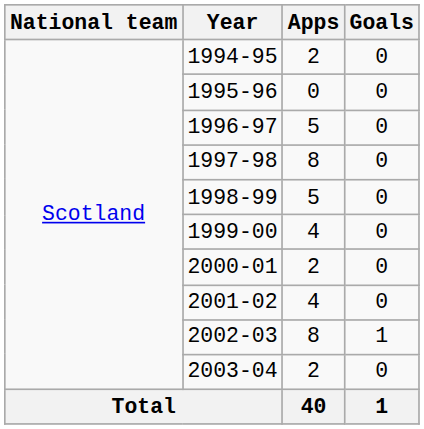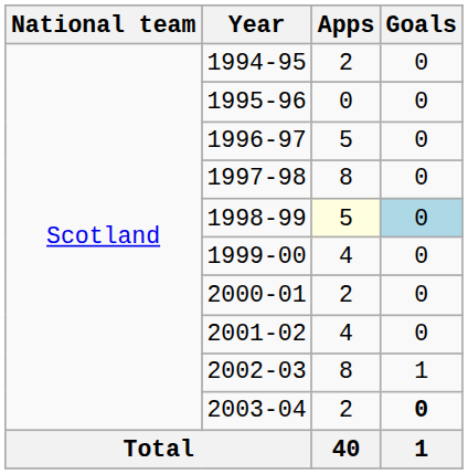 <table class="wikitable" style="text-align:center">
 <tr>
 <th>National team</th>
 <th>Year</th>
 <th>Apps</th>
 <th>Goals</th>
 </tr>
 <tr>
 <td rowspan="10"><a href='#'>Scotland</a></td>
 <td>1994-95</td>
 <td>2</td>
 <td>0</td>
 </tr>
 <tr>
 <td>1995-96</td>
 <td>0</td>
 <td>0</td>
 </tr>
 <tr>
 <td>1996-97</td>
 <td>5</td>
 <td>0</td>
 </tr>
 <tr>
 <td>1997-98</td>
 <td>8</td>
 <td>0</td>
 </tr>
 <tr>
 <td>1998-99</td>
-<td>5</td>
-<td>0</td>
+<td style="background: lightyellow;">5</td>
+<td style="background: lightblue;">0</td>
 </tr>
 <tr>
 <td>1999-00</td>
 <td>4</td>
 <td>0</td>
 </tr>
 <tr>
 <td>2000-01</td>
 <td>2</td>
 <td>0</td>
 </tr>
 <tr>
 <td>2001-02</td>
 <td>4</td>
 <td>0</td>
 </tr>
 <tr>
 <td>2002-03</td>
 <td>8</td>
 <td>1</td>
 </tr>
 <tr>
 <td>2003-04</td>
 <td>2</td>
-<td>0</td>
+<td><strong>0</strong></td>
 </tr>
 <tr>
 <th colspan="2">Total</th>
 <th>40</th>
 <th>1</th>
 </tr>
 </table>
